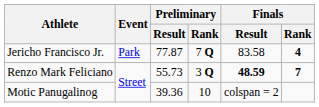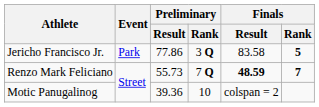 <table class=wikitable  style="font-size:90%">
 <tr>
 <th rowspan=2>Athlete</th>
 <th rowspan=2>Event</th>
 <th colspan=2>Preliminary</th>
 <th colspan=2>Finals</th>
 </tr>
 <tr>
 <th>Result</th>
 <th>Rank</th>
 <th>Result</th>
 <th>Rank</th>
 </tr>
 <tr>
 <td>Jericho Francisco Jr.</td>
 <td><a href='#'>Park</a></td>
-<td align=center>77.87</td>
-<td align=center>7 <strong>Q</strong></td>
+<td align=center>77.86</td>
+<td align=center>3 <strong>Q</strong></td>
 <td align=center>83.58</td>
-<td align=center><strong>4</strong></td>
+<td align=center><strong>5</strong></td>
 </tr>
 <tr>
 <td>Renzo Mark Feliciano</td>
 <td rowspan=2><a href='#'>Street</a></td>
 <td align=center>55.73</td>
-<td align=center>3 <strong>Q</strong></td>
+<td align=center>7 <strong>Q</strong></td>
 <td align=center><strong>48.59</strong></td>
 <td align=center><strong>7</strong></td>
 </tr>
 <tr>
 <td>Motic Panugalinog</td>
 <td align=center>39.36</td>
 <td align=center>10</td>
 <td>colspan = 2 </td>
 </tr>
 </table>
